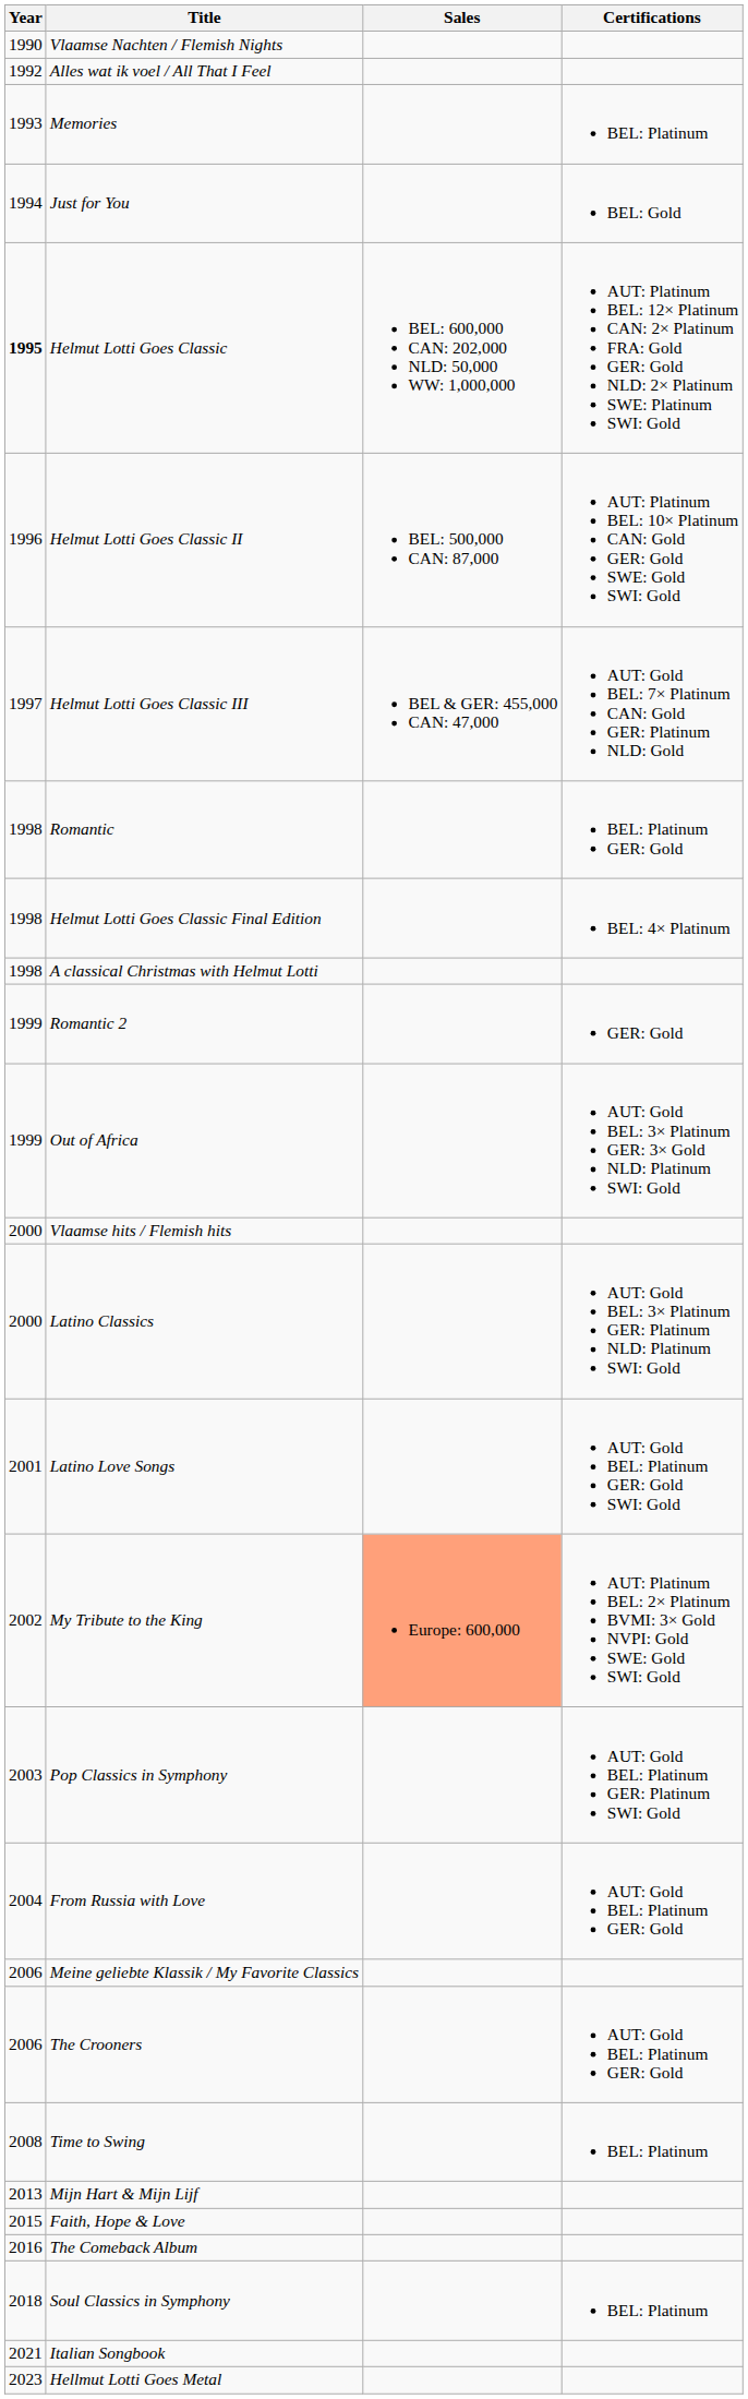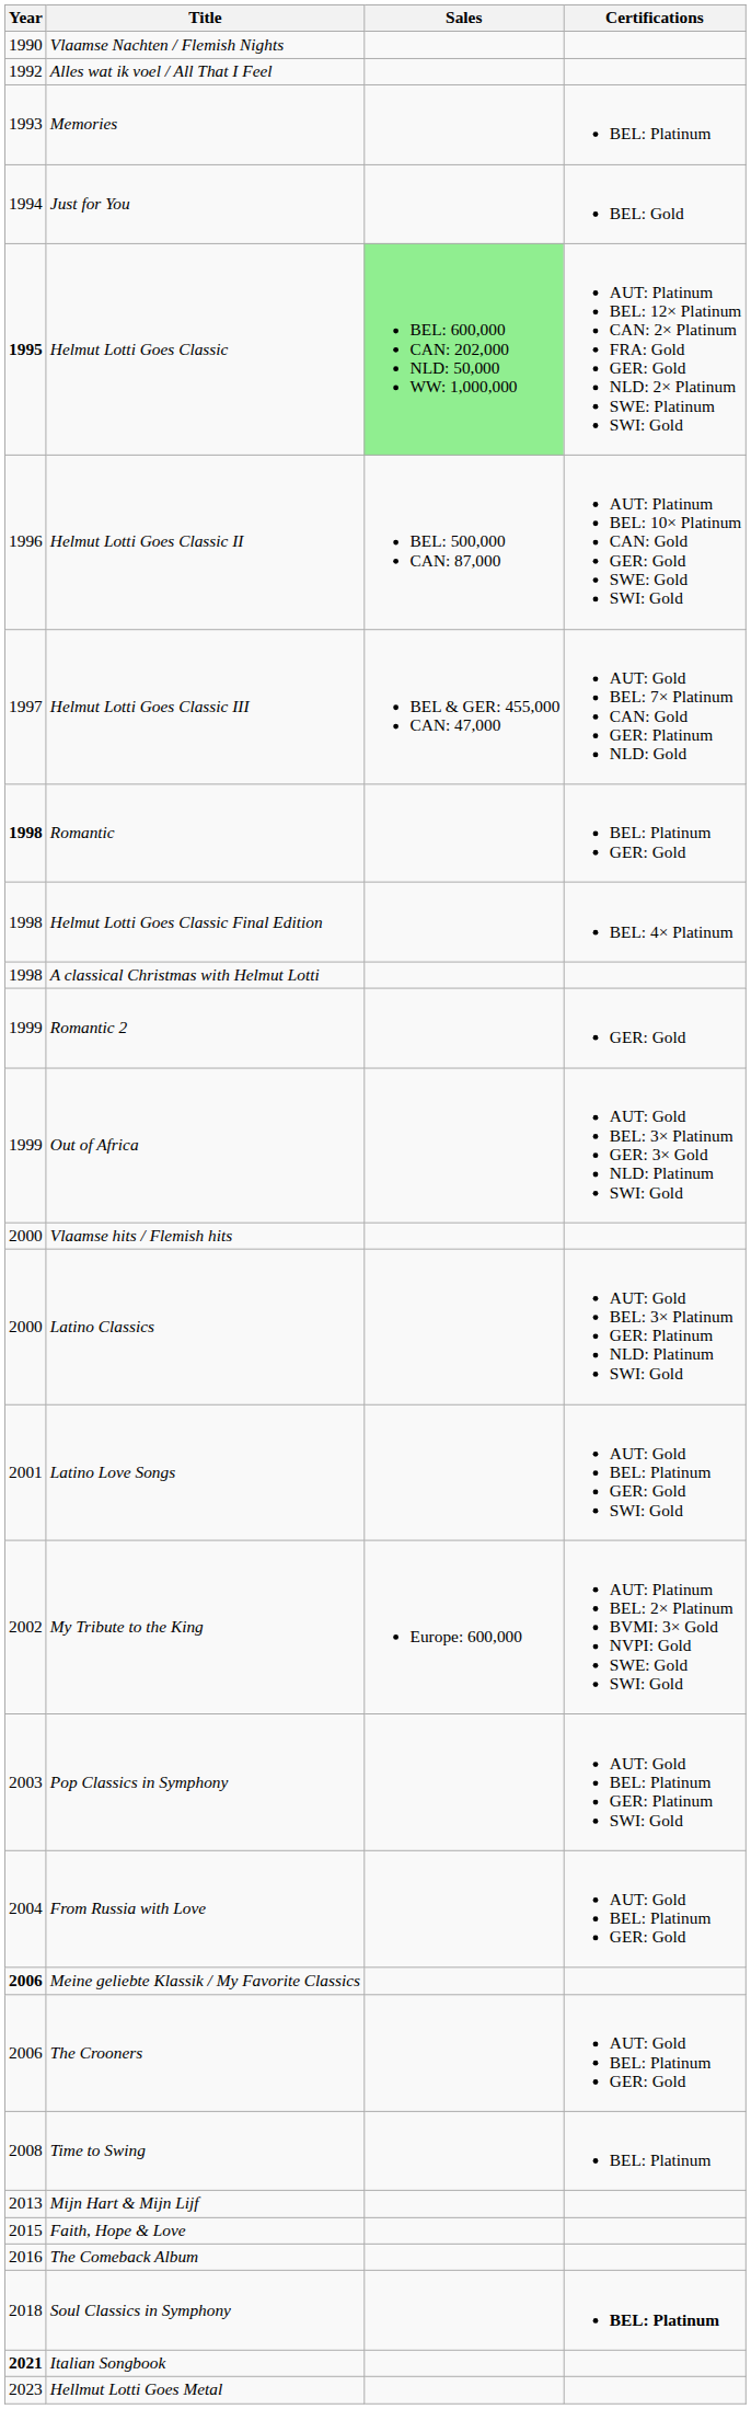 <table class="wikitable">
 <tr>
 <th>Year</th>
 <th>Title</th>
 <th>Sales</th>
 <th>Certifications</th>
 </tr>
 <tr>
 <td>1990</td>
 <td><em>Vlaamse Nachten / Flemish Nights</em></td>
 <td></td>
 <td></td>
 </tr>
 <tr>
 <td>1992</td>
 <td><em>Alles wat ik voel / All That I Feel</em></td>
 <td></td>
 <td></td>
 </tr>
 <tr>
 <td>1993</td>
 <td><em>Memories</em></td>
 <td></td>
 <td><br><ul><li>BEL: Platinum</li></ul></td>
 </tr>
 <tr>
 <td>1994</td>
 <td><em>Just for You</em></td>
 <td></td>
 <td><br><ul><li>BEL: Gold</li></ul></td>
 </tr>
 <tr>
 <td><strong>1995</strong></td>
 <td><em>Helmut Lotti Goes Classic</em></td>
-<td><br><ul><li>BEL: 600,000</li><li>CAN: 202,000</li><li>NLD: 50,000</li><li>WW: 1,000,000</li></ul></td>
+<td style="background: lightgreen;"><br><ul><li>BEL: 600,000</li><li>CAN: 202,000</li><li>NLD: 50,000</li><li>WW: 1,000,000</li></ul></td>
 <td><br><ul><li>AUT: Platinum</li><li>BEL: 12× Platinum</li><li>CAN: 2× Platinum</li><li>FRA: Gold</li><li>GER: Gold</li><li>NLD: 2× Platinum</li><li>SWE: Platinum</li><li>SWI: Gold</li></ul></td>
 </tr>
 <tr>
 <td>1996</td>
 <td><em>Helmut Lotti Goes Classic II</em></td>
 <td><br><ul><li>BEL: 500,000</li><li>CAN: 87,000</li></ul></td>
 <td><br><ul><li>AUT: Platinum</li><li>BEL: 10× Platinum</li><li>CAN: Gold</li><li>GER: Gold</li><li>SWE: Gold</li><li>SWI: Gold</li></ul></td>
 </tr>
 <tr>
 <td>1997</td>
 <td><em>Helmut Lotti Goes Classic III</em></td>
 <td><br><ul><li>BEL & GER: 455,000</li><li>CAN: 47,000</li></ul></td>
 <td><br><ul><li>AUT: Gold</li><li>BEL: 7× Platinum</li><li>CAN: Gold</li><li>GER: Platinum</li><li>NLD: Gold</li></ul></td>
 </tr>
 <tr>
-<td>1998</td>
+<td><strong>1998</strong></td>
 <td><em>Romantic</em></td>
 <td></td>
 <td><br><ul><li>BEL: Platinum</li><li>GER: Gold</li></ul></td>
 </tr>
 <tr>
 <td>1998</td>
 <td><em>Helmut Lotti Goes Classic Final Edition</em></td>
 <td></td>
 <td><br><ul><li>BEL: 4× Platinum</li></ul></td>
 </tr>
 <tr>
 <td>1998</td>
 <td><em>A classical Christmas with Helmut Lotti</em></td>
 <td></td>
 </tr>
 <tr>
 <td>1999</td>
 <td><em>Romantic 2</em></td>
 <td></td>
 <td><br><ul><li>GER: Gold</li></ul></td>
 </tr>
 <tr>
 <td>1999</td>
 <td><em>Out of Africa</em></td>
 <td></td>
 <td><br><ul><li>AUT: Gold</li><li>BEL: 3× Platinum</li><li>GER: 3× Gold</li><li>NLD: Platinum</li><li>SWI: Gold</li></ul></td>
 </tr>
 <tr>
 <td>2000</td>
 <td><em>Vlaamse hits / Flemish hits</em></td>
 <td></td>
 <td></td>
 </tr>
 <tr>
 <td>2000</td>
 <td><em>Latino Classics</em></td>
 <td></td>
 <td><br><ul><li>AUT: Gold</li><li>BEL: 3× Platinum</li><li>GER: Platinum</li><li>NLD: Platinum</li><li>SWI: Gold</li></ul></td>
 </tr>
 <tr>
 <td>2001</td>
 <td><em>Latino Love Songs</em></td>
 <td></td>
 <td><br><ul><li>AUT: Gold</li><li>BEL: Platinum</li><li>GER: Gold</li><li>SWI: Gold</li></ul></td>
 </tr>
 <tr>
 <td>2002</td>
 <td><em>My Tribute to the King</em></td>
-<td style="background: lightsalmon;"><br><ul><li>Europe: 600,000</li></ul></td>
+<td><br><ul><li>Europe: 600,000</li></ul></td>
 <td><br><ul><li>AUT: Platinum</li><li>BEL: 2× Platinum</li><li>BVMI: 3× Gold</li><li>NVPI: Gold</li><li>SWE: Gold</li><li>SWI: Gold</li></ul></td>
 </tr>
 <tr>
 <td>2003</td>
 <td><em>Pop Classics in Symphony</em></td>
 <td></td>
 <td><br><ul><li>AUT: Gold</li><li>BEL: Platinum</li><li>GER: Platinum</li><li>SWI: Gold</li></ul></td>
 </tr>
 <tr>
 <td>2004</td>
 <td><em>From Russia with Love</em></td>
 <td></td>
 <td><br><ul><li>AUT: Gold</li><li>BEL: Platinum</li><li>GER: Gold</li></ul></td>
 </tr>
 <tr>
-<td>2006</td>
+<td><strong>2006</strong></td>
 <td><em>Meine geliebte Klassik / My Favorite Classics</em></td>
 <td></td>
 <td></td>
 </tr>
 <tr>
 <td>2006</td>
 <td><em>The Crooners</em></td>
 <td></td>
 <td><br><ul><li>AUT: Gold</li><li>BEL: Platinum</li><li>GER: Gold</li></ul></td>
 </tr>
 <tr>
 <td>2008</td>
 <td><em>Time to Swing</em></td>
 <td></td>
 <td><br><ul><li>BEL: Platinum</li></ul></td>
 </tr>
 <tr>
 <td>2013</td>
 <td><em>Mijn Hart & Mijn Lijf</em></td>
 <td></td>
 <td></td>
 </tr>
 <tr>
 <td>2015</td>
 <td><em>Faith, Hope & Love</em></td>
 <td></td>
 <td></td>
 </tr>
 <tr>
 <td>2016</td>
 <td><em>The Comeback Album</em></td>
 <td></td>
 <td></td>
 </tr>
 <tr>
 <td>2018</td>
 <td><em>Soul Classics in Symphony</em></td>
 <td></td>
-<td><br><ul><li>BEL: Platinum</li></ul></td>
+<td><strong><br><ul><li>BEL: Platinum</li></ul></strong></td>
 </tr>
 <tr>
-<td>2021</td>
+<td><strong>2021</strong></td>
 <td><em>Italian Songbook</em></td>
 <td></td>
 <td></td>
 </tr>
 <tr>
 <td>2023</td>
 <td><em>Hellmut Lotti Goes Metal</em></td>
 <td></td>
 <td></td>
 </tr>
 </table>
